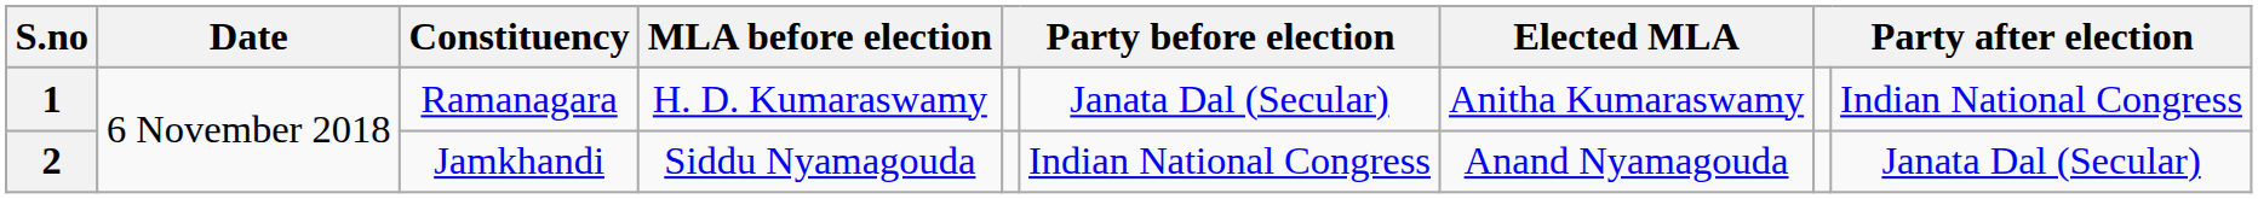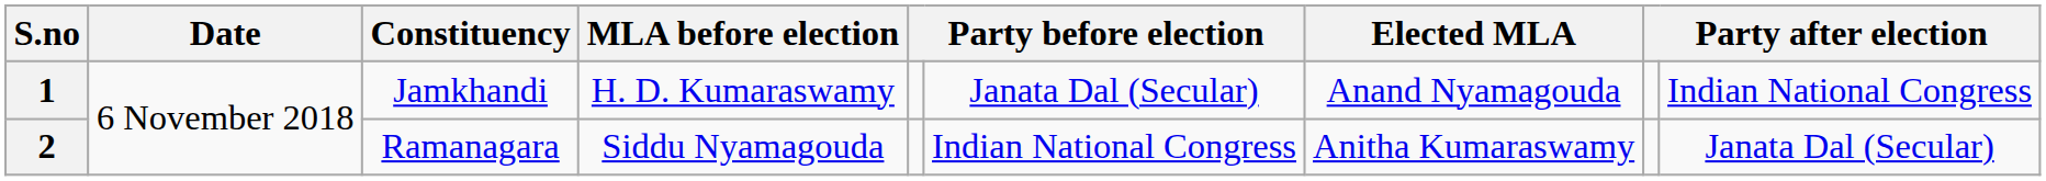 <table class="wikitable sortable" style="text-align:center;">
 <tr>
 <th>S.no</th>
 <th>Date</th>
 <th>Constituency</th>
 <th>MLA before election</th>
 <th colspan="2">Party before election</th>
 <th>Elected MLA</th>
 <th colspan="2">Party after election</th>
 </tr>
 <tr>
 <th>1</th>
 <td rowspan="2">6 November 2018</td>
-<td><a href='#'>Ramanagara</a></td>
+<td><a href='#'>Jamkhandi</a></td>
 <td><a href='#'>H. D. Kumaraswamy</a></td>
 <td></td>
 <td><a href='#'>Janata Dal (Secular)</a></td>
-<td><a href='#'>Anitha Kumaraswamy</a></td>
+<td><a href='#'>Anand Nyamagouda</a></td>
 <td></td>
 <td><a href='#'>Indian National Congress</a></td>
 </tr>
 <tr>
 <th>2</th>
-<td><a href='#'>Jamkhandi</a></td>
+<td><a href='#'>Ramanagara</a></td>
 <td><a href='#'>Siddu Nyamagouda</a></td>
 <td></td>
 <td><a href='#'>Indian National Congress</a></td>
-<td><a href='#'>Anand Nyamagouda</a></td>
+<td><a href='#'>Anitha Kumaraswamy</a></td>
 <td></td>
 <td><a href='#'>Janata Dal (Secular)</a></td>
 </tr>
 </table>
